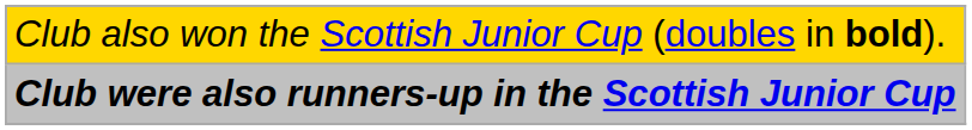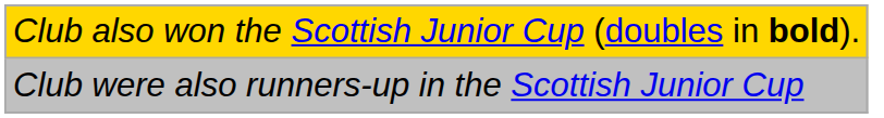 <table class="wikitable" style="text-align: left;">
 <tr>
 <td bgcolor=gold><em>Club also won the <a href='#'>Scottish Junior Cup</a></em> (<a href='#'>doubles</a> in <strong>bold</strong>).</td>
 </tr>
 <tr>
-<td bgcolor=silver><strong><em>Club were also runners-up in the <a href='#'>Scottish Junior Cup</a></em></strong></td>
+<td bgcolor=silver><em>Club were also runners-up in the <a href='#'>Scottish Junior Cup</a></em></td>
 </tr>
 <tr>
 </tr>
 </table>
